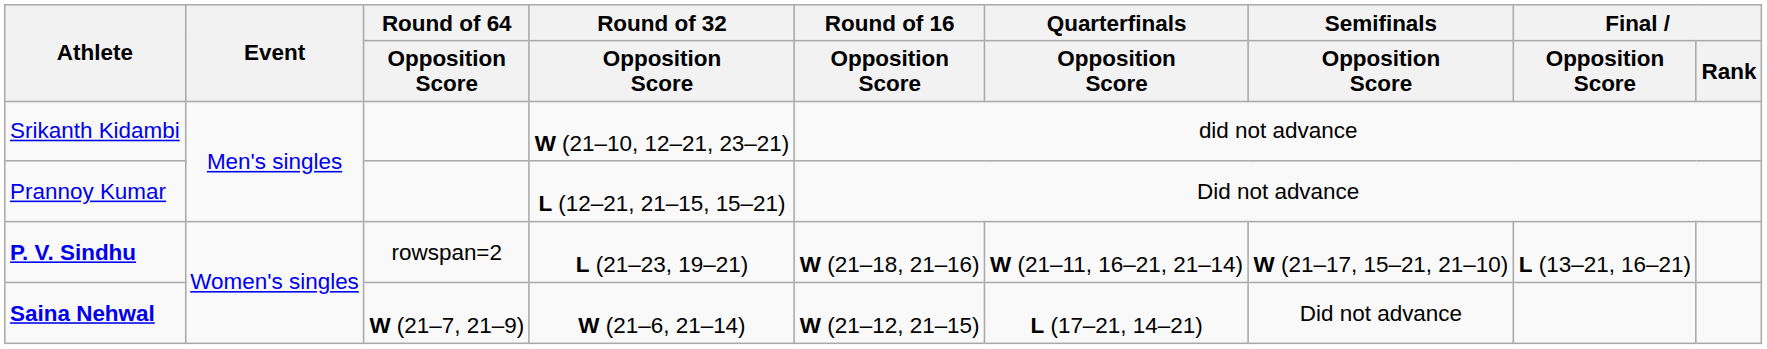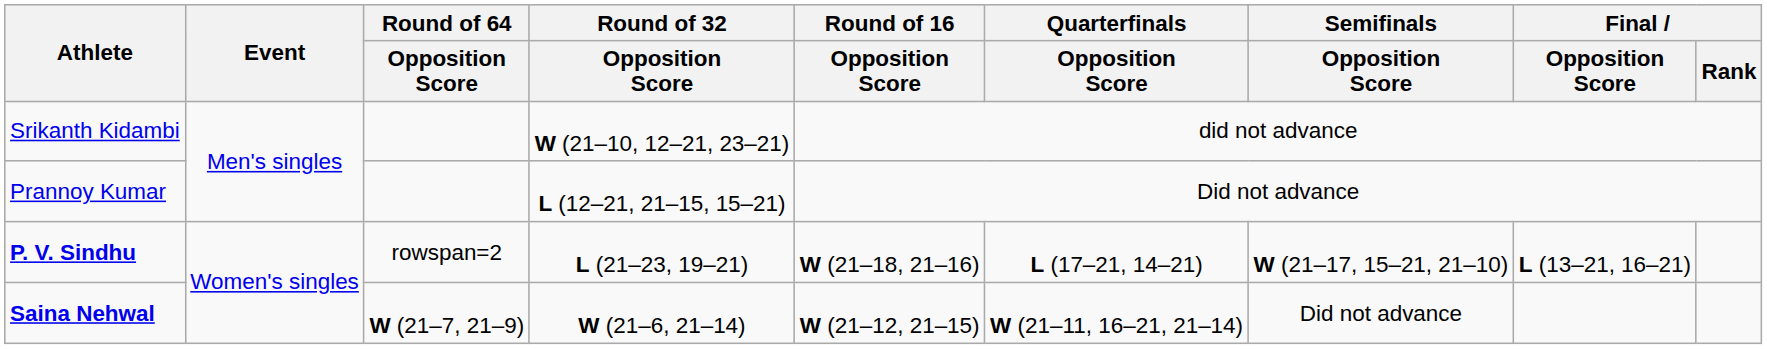 <table class=wikitable style="text-align:center; font-size:90%">
 <tr>
 <th rowspan="2">Athlete</th>
 <th rowspan="2">Event</th>
 <th>Round of 64</th>
 <th>Round of 32</th>
 <th>Round of 16</th>
 <th>Quarterfinals</th>
 <th>Semifinals</th>
 <th colspan="2">Final / </th>
 </tr>
 <tr>
 <th>Opposition<br>Score</th>
 <th>Opposition<br>Score</th>
 <th>Opposition<br>Score</th>
 <th>Opposition<br>Score</th>
 <th>Opposition<br>Score</th>
 <th>Opposition<br>Score</th>
 <th>Rank</th>
 </tr>
 <tr>
 <td align=left><a href='#'>Srikanth Kidambi</a></td>
 <td rowspan=2><a href='#'>Men's singles</a></td>
 <td></td>
 <td><br><strong>W</strong> (21–10, 12–21, 23–21)</td>
 <td colspan="5">did not advance</td>
 </tr>
 <tr>
 <td align=left><a href='#'>Prannoy Kumar</a></td>
 <td></td>
 <td><br><strong>L</strong> (12–21, 21–15, 15–21)</td>
 <td colspan="5">Did not advance</td>
 </tr>
 <tr>
 <td align=left><strong><a href='#'>P. V. Sindhu</a></strong></td>
 <td rowspan="2"><a href='#'>Women's singles</a></td>
 <td>rowspan=2 </td>
 <td><br><strong>L</strong> (21–23, 19–21)</td>
 <td><br><strong>W</strong> (21–18, 21–16)</td>
-<td><br><strong>W</strong>  (21–11, 16–21, 21–14)</td>
+<td><br><strong>L</strong> (17–21, 14–21)</td>
 <td><br><strong>W</strong>  (21–17, 15–21, 21–10)</td>
 <td><br><strong>L</strong> (13–21, 16–21)</td>
 <td></td>
 </tr>
 <tr>
 <td align=left><strong><a href='#'>Saina Nehwal</a></strong></td>
 <td><br><strong>W</strong> (21–7, 21–9)</td>
 <td><br><strong>W</strong> (21–6, 21–14)</td>
 <td><br><strong>W</strong> (21–12, 21–15)</td>
-<td><br><strong>L</strong> (17–21, 14–21)</td>
+<td><br><strong>W</strong>  (21–11, 16–21, 21–14)</td>
 <td>Did not advance</td>
 <td></td>
 </tr>
 </table>
